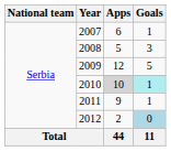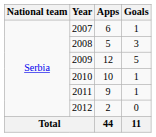 <table class="wikitable" style="text-align:center">
 <tr>
 <th>National team</th>
 <th>Year</th>
 <th>Apps</th>
 <th>Goals</th>
 </tr>
 <tr>
 <td rowspan="6"><a href='#'>Serbia</a></td>
 <td>2007</td>
 <td>6</td>
 <td>1</td>
 </tr>
 <tr>
 <td>2008</td>
 <td>5</td>
 <td>3</td>
 </tr>
 <tr>
 <td>2009</td>
 <td>12</td>
 <td>5</td>
 </tr>
 <tr>
 <td>2010</td>
-<td style="background: lightgrey;">10</td>
-<td style="background: paleturquoise;">1</td>
+<td>10</td>
+<td>1</td>
 </tr>
 <tr>
 <td>2011</td>
 <td>9</td>
 <td>1</td>
 </tr>
 <tr>
 <td>2012</td>
 <td>2</td>
-<td style="background: lightblue;">0</td>
+<td>0</td>
 </tr>
 <tr>
 <th colspan="2">Total</th>
 <th>44</th>
 <th>11</th>
 </tr>
 </table>
